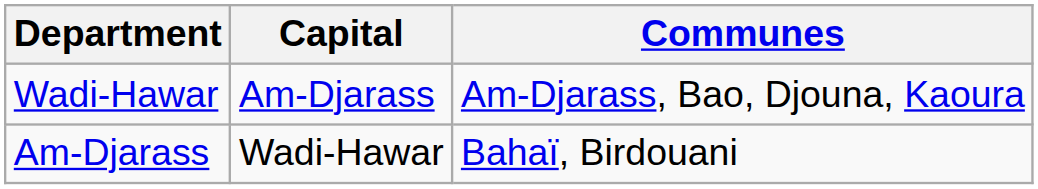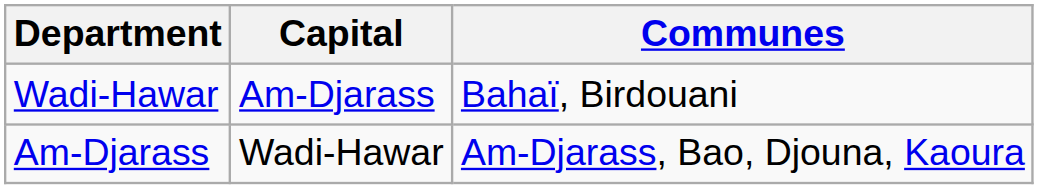 <table class="wikitable">
 <tr>
 <th>Department</th>
 <th>Capital</th>
 <th><a href='#'>Communes</a></th>
 </tr>
 <tr>
 <td><a href='#'>Wadi-Hawar</a></td>
 <td><a href='#'>Am-Djarass</a></td>
-<td><a href='#'>Am-Djarass</a>, Bao, Djouna, <a href='#'>Kaoura</a></td>
+<td><a href='#'>Bahaï</a>, Birdouani</td>
 </tr>
 <tr>
 <td><a href='#'>Am-Djarass</a></td>
 <td>Wadi-Hawar</td>
-<td><a href='#'>Bahaï</a>, Birdouani</td>
+<td><a href='#'>Am-Djarass</a>, Bao, Djouna, <a href='#'>Kaoura</a></td>
 </tr>
 </table>
